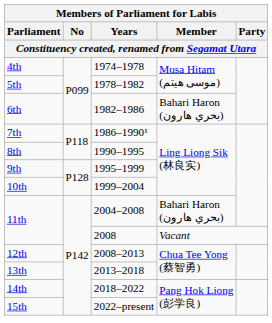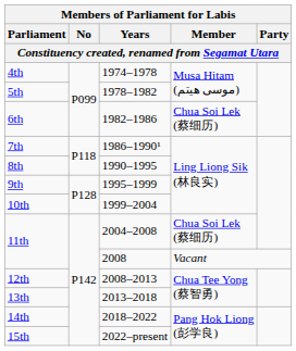 <table class=wikitable>
 <tr>
 <th colspan="5">Members of Parliament for Labis</th>
 </tr>
 <tr>
 <th>Parliament</th>
 <th>No</th>
 <th>Years</th>
 <th>Member</th>
 <th>Party</th>
 </tr>
 <tr>
 <th colspan="5" align="center"><em>Constituency created, renamed from <a href='#'>Segamat Utara</a></em></th>
 </tr>
 <tr>
 <td><a href='#'>4th</a></td>
 <td rowspan="3">P099</td>
 <td>1974–1978</td>
 <td rowspan=2><a href='#'>Musa Hitam</a>  <br>(موسى هيتم)</td>
 <td rowspan="3"></td>
 </tr>
 <tr>
 <td><a href='#'>5th</a></td>
 <td>1978–1982</td>
 </tr>
 <tr>
 <td><a href='#'>6th</a></td>
 <td>1982–1986</td>
-<td>Bahari Haron <br> (بحري هارون)</td>
+<td><a href='#'>Chua Soi Lek</a> <br> (蔡细历)</td>
 </tr>
 <tr>
 <td><a href='#'>7th</a></td>
 <td rowspan="2">P118</td>
 <td>1986–1990¹</td>
 <td rowspan="4"><a href='#'>Ling Liong Sik</a> <br> (林良实)</td>
 <td rowspan="5"></td>
 </tr>
 <tr>
 <td><a href='#'>8th</a></td>
 <td>1990–1995</td>
 </tr>
 <tr>
 <td><a href='#'>9th</a></td>
 <td rowspan="2">P128</td>
 <td>1995–1999</td>
 </tr>
 <tr>
 <td><a href='#'>10th</a></td>
 <td>1999–2004</td>
 </tr>
 <tr>
 <td rowspan="2"><a href='#'>11th</a></td>
 <td rowspan="6">P142</td>
 <td>2004–2008</td>
-<td>Bahari Haron <br> (بحري هارون)</td>
+<td><a href='#'>Chua Soi Lek</a> <br> (蔡细历)</td>
 </tr>
 <tr>
 <td>2008</td>
 <td colspan="2"><em>Vacant</em></td>
 </tr>
 <tr>
 <td><a href='#'>12th</a></td>
 <td>2008–2013</td>
 <td rowspan="2"><a href='#'>Chua Tee Yong</a>  <br>(蔡智勇)</td>
 <td rowspan="2"></td>
 </tr>
 <tr>
 <td><a href='#'>13th</a></td>
 <td>2013–2018</td>
 </tr>
 <tr>
 <td><a href='#'>14th</a></td>
 <td>2018–2022</td>
 <td rowspan=2><a href='#'>Pang Hok Liong</a>  <br>(彭学良)</td>
 <td rowspan=2></td>
 </tr>
 <tr>
 <td><a href='#'>15th</a></td>
 <td>2022–present</td>
 </tr>
 </table>
